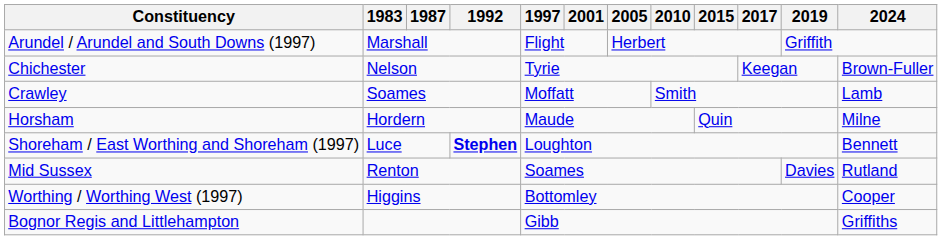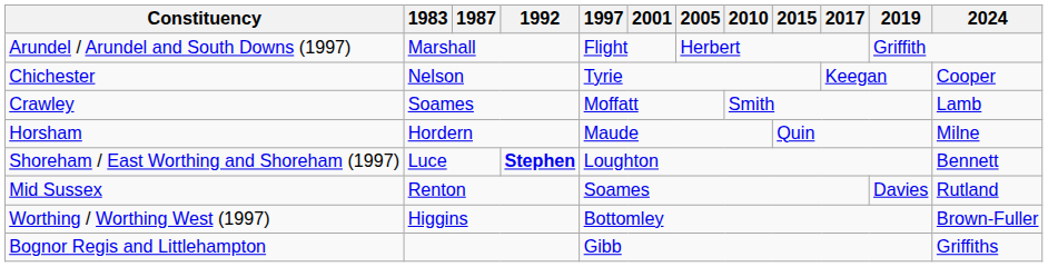 <table class="wikitable">
 <tr>
 <th>Constituency</th>
 <th>1983</th>
 <th>1987</th>
 <th>1992</th>
 <th>1997</th>
 <th>2001</th>
 <th>2005</th>
 <th>2010</th>
 <th>2015</th>
 <th>2017</th>
 <th>2019</th>
 <th>2024</th>
 </tr>
 <tr>
 <td><a href='#'>Arundel</a> / <a href='#'>Arundel and South Downs</a> (1997)</td>
 <td colspan="3"><a href='#'>Marshall</a></td>
 <td colspan="2"><a href='#'>Flight</a></td>
 <td colspan="4"><a href='#'>Herbert</a></td>
 <td colspan="2"><a href='#'>Griffith</a></td>
 </tr>
 <tr>
 <td><a href='#'>Chichester</a></td>
 <td colspan="3"><a href='#'>Nelson</a></td>
 <td colspan="5"><a href='#'>Tyrie</a></td>
 <td colspan="2"><a href='#'>Keegan</a></td>
-<td><a href='#'>Brown-Fuller</a></td>
+<td><a href='#'>Cooper</a></td>
 </tr>
 <tr>
 <td><a href='#'>Crawley</a></td>
 <td colspan="3"><a href='#'>Soames</a></td>
 <td colspan="3"><a href='#'>Moffatt</a></td>
 <td colspan="4"><a href='#'>Smith</a></td>
 <td><a href='#'>Lamb</a></td>
 </tr>
 <tr>
 <td><a href='#'>Horsham</a></td>
 <td colspan="3"><a href='#'>Hordern</a></td>
 <td colspan="4"><a href='#'>Maude</a></td>
 <td colspan="3"><a href='#'>Quin</a></td>
 <td><a href='#'>Milne</a></td>
 </tr>
 <tr>
 <td><a href='#'>Shoreham</a> / <a href='#'>East Worthing and Shoreham</a> (1997)</td>
 <td colspan="2"><a href='#'>Luce</a></td>
 <td><strong><a href='#'>Stephen</a></strong></td>
 <td colspan="7"><a href='#'>Loughton</a></td>
 <td><a href='#'>Bennett</a></td>
 </tr>
 <tr>
 <td><a href='#'>Mid Sussex</a></td>
 <td colspan="3"><a href='#'>Renton</a></td>
 <td colspan="6"><a href='#'>Soames</a></td>
 <td><a href='#'>Davies</a></td>
 <td><a href='#'>Rutland</a></td>
 </tr>
 <tr>
 <td><a href='#'>Worthing</a> / <a href='#'>Worthing West</a> (1997)</td>
 <td colspan="3"><a href='#'>Higgins</a></td>
 <td colspan="7"><a href='#'>Bottomley</a></td>
-<td><a href='#'>Cooper</a></td>
+<td><a href='#'>Brown-Fuller</a></td>
 </tr>
 <tr>
 <td><a href='#'>Bognor Regis and Littlehampton</a></td>
 <td colspan="3"></td>
 <td colspan="7"><a href='#'>Gibb</a></td>
 <td><a href='#'>Griffiths</a></td>
 </tr>
 </table>
